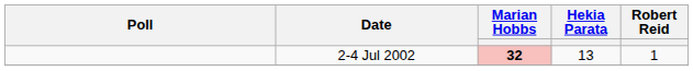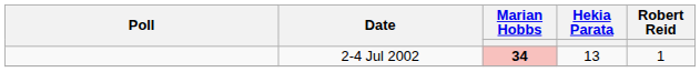 <table class="wikitable sortable" style="width:700px;font-size:90%;line-height:14px;text-align:center;">
 <tr>
 <th style="width:270px;" rowspan="2">Poll</th>
 <th style="width:200px;" rowspan="2">Date</th>
 <th><a href='#'>Marian Hobbs</a></th>
 <th><a href='#'>Hekia Parata</a></th>
 <th>Robert Reid</th>
 </tr>
 <tr>
 <th class="unsortable" style="color:inherit;background:"></th>
 <th class="unsortable" style="color:inherit;background:"></th>
 <th class="unsortable" style="color:inherit;background:"></th>
 </tr>
 <tr>
 <td></td>
 <td data-sort-value="2002-07-04">2-4 Jul 2002</td>
-<td style="background:#F8C1BE"><strong>32</strong></td>
+<td style="background:#F8C1BE"><strong>34</strong></td>
 <td>13</td>
 <td>1</td>
 </tr>
 <tr>
 </tr>
 </table>
